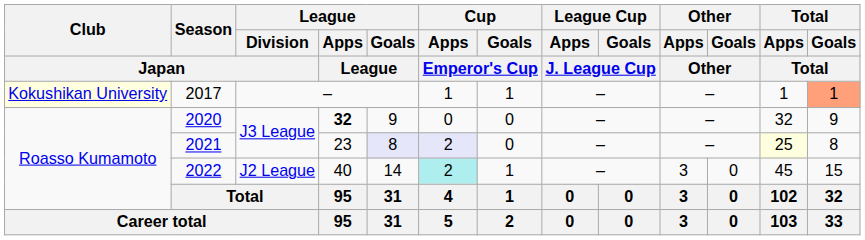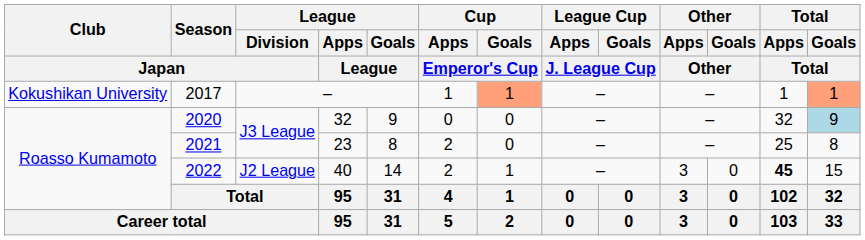 <table class="wikitable" style="text-align:center">
 <tr>
 <th rowspan=2>Club</th>
 <th rowspan=2>Season</th>
 <th colspan=3>League</th>
 <th colspan=2>Cup</th>
 <th colspan=2>League Cup</th>
 <th colspan=2>Other</th>
 <th colspan=2>Total</th>
 </tr>
 <tr>
 <th>Division</th>
 <th>Apps</th>
 <th>Goals</th>
 <th>Apps</th>
 <th>Goals</th>
 <th>Apps</th>
 <th>Goals</th>
 <th>Apps</th>
 <th>Goals</th>
 <th>Apps</th>
 <th>Goals</th>
 </tr>
 <tr>
 <th colspan=3>Japan</th>
 <th colspan=2>League</th>
 <th colspan=2><a href='#'>Emperor's Cup</a></th>
 <th colspan=2><a href='#'>J. League Cup</a></th>
 <th colspan=2>Other</th>
 <th colspan=2>Total</th>
 </tr>
 <tr>
-<td style="background: lightyellow;"><a href='#'>Kokushikan University</a></td>
+<td><a href='#'>Kokushikan University</a></td>
 <td>2017</td>
 <td colspan="3">–</td>
 <td>1</td>
-<td>1</td>
+<td style="background: lightsalmon;">1</td>
 <td colspan="2">–</td>
 <td colspan="2">–</td>
 <td>1</td>
 <td style="background: lightsalmon;">1</td>
 </tr>
 <tr>
 <td rowspan="4"><a href='#'>Roasso Kumamoto</a></td>
 <td><a href='#'>2020</a></td>
 <td rowspan="2"><a href='#'>J3 League</a></td>
-<td><strong>32</strong></td>
+<td>32</td>
 <td>9</td>
 <td>0</td>
 <td>0</td>
 <td colspan="2">–</td>
 <td colspan="2">–</td>
 <td>32</td>
-<td>9</td>
+<td style="background: lightblue;">9</td>
 </tr>
 <tr>
 <td><a href='#'>2021</a></td>
 <td>23</td>
-<td style="background: lavender;">8</td>
-<td style="background: lavender;">2</td>
+<td>8</td>
+<td>2</td>
 <td>0</td>
 <td colspan="2">–</td>
 <td colspan="2">–</td>
-<td style="background: lightyellow;">25</td>
+<td>25</td>
 <td>8</td>
 </tr>
 <tr>
 <td><a href='#'>2022</a></td>
 <td><a href='#'>J2 League</a></td>
 <td>40</td>
 <td>14</td>
-<td style="background: paleturquoise;">2</td>
+<td>2</td>
 <td>1</td>
 <td colspan="2">–</td>
 <td>3</td>
 <td>0</td>
-<td>45</td>
+<td><strong>45</strong></td>
 <td>15</td>
 </tr>
 <tr>
 <th colspan=2>Total</th>
 <th>95</th>
 <th>31</th>
 <th>4</th>
 <th>1</th>
 <th>0</th>
 <th>0</th>
 <th>3</th>
 <th>0</th>
 <th>102</th>
 <th>32</th>
 </tr>
 <tr>
 <th colspan=3>Career total</th>
 <th>95</th>
 <th>31</th>
 <th>5</th>
 <th>2</th>
 <th>0</th>
 <th>0</th>
 <th>3</th>
 <th>0</th>
 <th>103</th>
 <th>33</th>
 </tr>
 </table>
